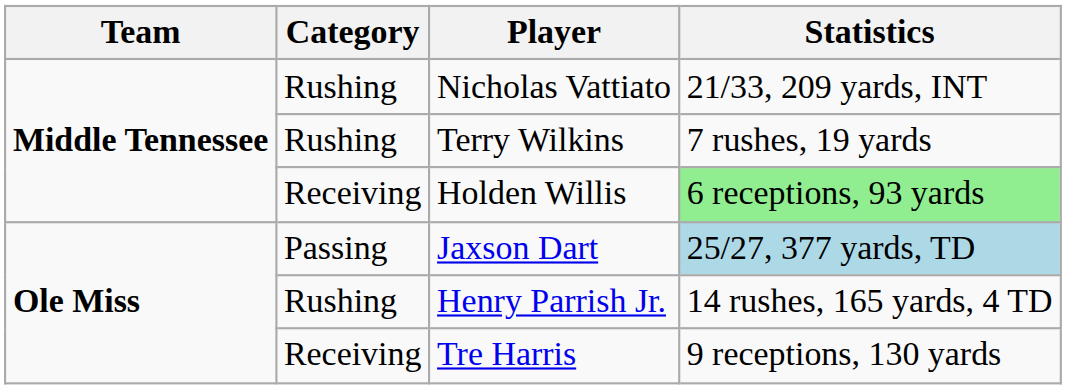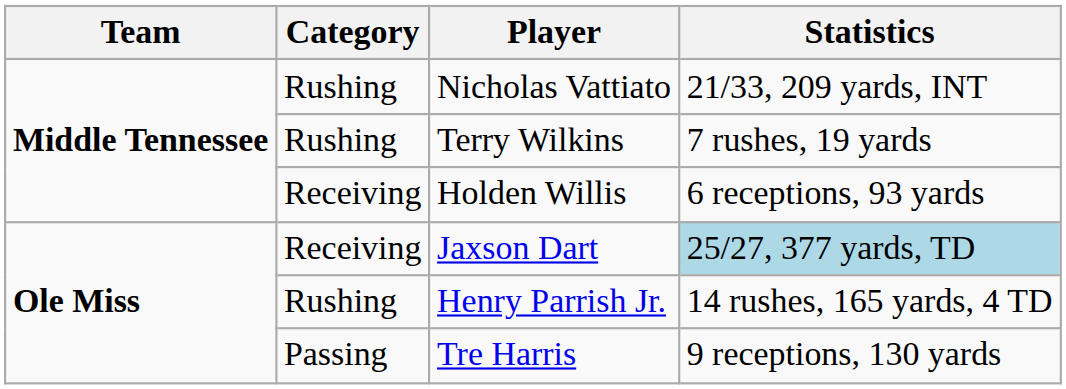 <table class="wikitable" style="float: left;">
 <tr>
 <th>Team</th>
 <th>Category</th>
 <th>Player</th>
 <th>Statistics</th>
 </tr>
 <tr>
 <td rowspan=3><strong>Middle Tennessee</strong></td>
 <td>Rushing</td>
 <td>Nicholas Vattiato</td>
 <td>21/33, 209 yards, INT</td>
 </tr>
 <tr>
 <td>Rushing</td>
 <td>Terry Wilkins</td>
 <td>7 rushes, 19 yards</td>
 </tr>
 <tr>
 <td>Receiving</td>
 <td>Holden Willis</td>
-<td style="background: lightgreen;">6 receptions, 93 yards</td>
+<td>6 receptions, 93 yards</td>
 </tr>
 <tr>
 <td rowspan=3><strong>Ole Miss</strong></td>
-<td>Passing</td>
+<td>Receiving</td>
 <td><a href='#'>Jaxson Dart</a></td>
 <td style="background: lightblue;">25/27, 377 yards, TD</td>
 </tr>
 <tr>
 <td>Rushing</td>
 <td><a href='#'>Henry Parrish Jr.</a></td>
 <td>14 rushes, 165 yards, 4 TD</td>
 </tr>
 <tr>
-<td>Receiving</td>
+<td>Passing</td>
 <td><a href='#'>Tre Harris</a></td>
 <td>9 receptions, 130 yards</td>
 </tr>
 </table>
